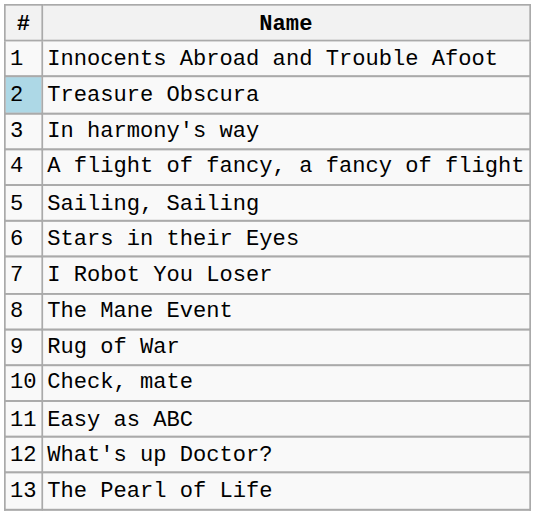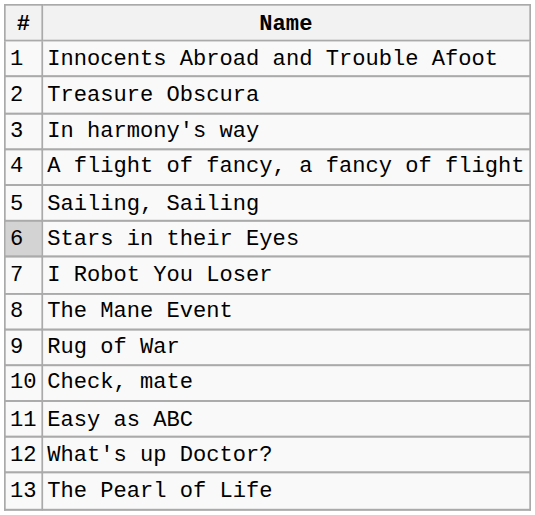 <table class="wikitable">
 <tr>
 <th>#</th>
 <th>Name</th>
 </tr>
 <tr>
 <td>1</td>
 <td>Innocents Abroad and Trouble Afoot</td>
 </tr>
 <tr>
 </tr>
 <tr>
-<td style="background: lightblue;">2</td>
+<td>2</td>
 <td>Treasure Obscura</td>
 </tr>
 <tr>
 </tr>
 <tr>
 <td>3</td>
 <td>In harmony's way</td>
 </tr>
 <tr>
 </tr>
 <tr>
 <td>4</td>
 <td>A flight of fancy, a fancy of flight</td>
 </tr>
 <tr>
 </tr>
 <tr>
 <td>5</td>
 <td>Sailing, Sailing</td>
 </tr>
 <tr>
 </tr>
 <tr>
-<td>6</td>
+<td style="background: lightgrey;">6</td>
 <td>Stars in their Eyes</td>
 </tr>
 <tr>
 </tr>
 <tr>
 <td>7</td>
 <td>I Robot You Loser</td>
 </tr>
 <tr>
 </tr>
 <tr>
 </tr>
 <tr>
 </tr>
 <tr>
 <td>8</td>
 <td>The Mane Event</td>
 </tr>
 <tr>
 </tr>
 <tr>
 <td>9</td>
 <td>Rug of War</td>
 </tr>
 <tr>
 </tr>
 <tr>
 <td>10</td>
 <td>Check, mate</td>
 </tr>
 <tr>
 </tr>
 <tr>
 <td>11</td>
 <td>Easy as ABC</td>
 </tr>
 <tr>
 </tr>
 <tr>
 <td>12</td>
 <td>What's up Doctor?</td>
 </tr>
 <tr>
 </tr>
 <tr>
 <td>13</td>
 <td>The Pearl of Life</td>
 </tr>
 <tr>
 </tr>
 </table>
